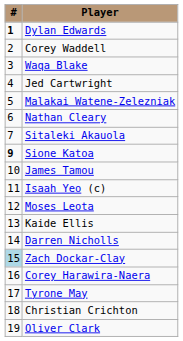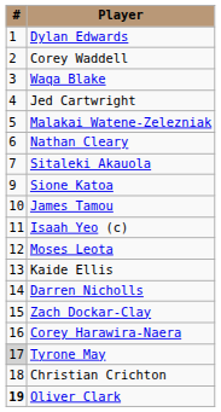 <table class="wikitable floatright" style="font-size:90%; margin-left:1em;">
 <tr>
 <th style="background:#B99877; color:black;">#</th>
 <th style="background:#B99877; color:black;">Player</th>
 </tr>
 <tr>
-<td><strong>1</strong></td>
+<td>1</td>
 <td><a href='#'>Dylan Edwards</a></td>
 </tr>
 <tr>
 <td>2</td>
 <td>Corey Waddell</td>
 </tr>
 <tr>
 <td>3</td>
 <td><a href='#'>Waqa Blake</a></td>
 </tr>
 <tr>
 <td>4</td>
 <td>Jed Cartwright</td>
 </tr>
 <tr>
 <td>5</td>
 <td><a href='#'>Malakai Watene-Zelezniak</a></td>
 </tr>
 <tr>
 <td>6</td>
 <td><a href='#'>Nathan Cleary</a></td>
 </tr>
 <tr>
 <td>7</td>
 <td><a href='#'>Sitaleki Akauola</a></td>
 </tr>
 <tr>
-<td><strong>9</strong></td>
+<td>9</td>
 <td><a href='#'>Sione Katoa</a></td>
 </tr>
 <tr>
 <td>10</td>
 <td><a href='#'>James Tamou</a></td>
 </tr>
 <tr>
 <td>11</td>
 <td><a href='#'>Isaah Yeo</a> (c)</td>
 </tr>
 <tr>
 <td>12</td>
 <td><a href='#'>Moses Leota</a></td>
 </tr>
 <tr>
 <td>13</td>
 <td>Kaide Ellis</td>
 </tr>
 <tr>
 <td>14</td>
 <td><a href='#'>Darren Nicholls</a></td>
 </tr>
 <tr>
-<td style="background: lightblue;">15</td>
+<td>15</td>
 <td><a href='#'>Zach Dockar-Clay</a></td>
 </tr>
 <tr>
 <td>16</td>
 <td><a href='#'>Corey Harawira-Naera</a></td>
 </tr>
 <tr>
-<td>17</td>
+<td style="background: lightgrey;">17</td>
 <td><a href='#'>Tyrone May</a></td>
 </tr>
 <tr>
 <td>18</td>
 <td>Christian Crichton</td>
 </tr>
 <tr>
-<td>19</td>
+<td><strong>19</strong></td>
 <td><a href='#'>Oliver Clark</a></td>
 </tr>
 </table>
